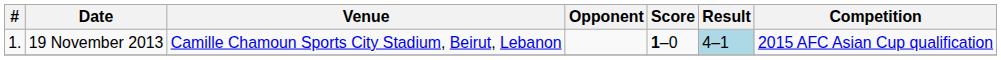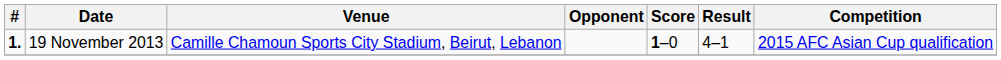 <table class="wikitable">
 <tr>
 <th>#</th>
 <th>Date</th>
 <th>Venue</th>
 <th>Opponent</th>
 <th>Score</th>
 <th>Result</th>
 <th>Competition</th>
 </tr>
 <tr>
-<td>1.</td>
+<td><strong>1.</strong></td>
 <td>19 November 2013</td>
 <td><a href='#'>Camille Chamoun Sports City Stadium</a>, <a href='#'>Beirut</a>, <a href='#'>Lebanon</a></td>
 <td></td>
 <td><strong>1</strong>–0</td>
-<td style="background: lightblue;">4–1</td>
+<td>4–1</td>
 <td><a href='#'>2015 AFC Asian Cup qualification</a></td>
 </tr>
 <tr>
 </tr>
 </table>
